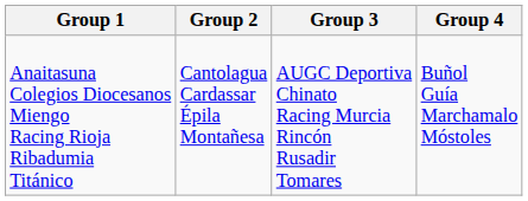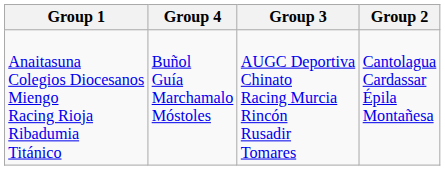 <table class="wikitable">
 <tr>
 <th>Group 1</th>
+<th>Group 4</th>
+<th>Group 3</th>
 <th>Group 2</th>
-<th>Group 3</th>
-<th>Group 4</th>
 </tr>
 <tr valign=top>
 <td><br><a href='#'>Anaitasuna</a><br> <a href='#'>Colegios Diocesanos</a><br> <a href='#'>Miengo</a><br> <a href='#'>Racing Rioja</a><br> <a href='#'>Ribadumia</a><br> <a href='#'>Titánico</a></td>
+<td><br><a href='#'>Buñol</a><br> <a href='#'>Guía</a><br> <a href='#'>Marchamalo</a><br> <a href='#'>Móstoles</a></td>
+<td><br><a href='#'>AUGC Deportiva</a><br> <a href='#'>Chinato</a><br> <a href='#'>Racing Murcia</a><br> <a href='#'>Rincón</a><br> <a href='#'>Rusadir</a><br> <a href='#'>Tomares</a></td>
 <td><br><a href='#'>Cantolagua</a><br> <a href='#'>Cardassar</a><br> <a href='#'>Épila</a><br> <a href='#'>Montañesa</a></td>
-<td><br><a href='#'>AUGC Deportiva</a><br> <a href='#'>Chinato</a><br> <a href='#'>Racing Murcia</a><br> <a href='#'>Rincón</a><br> <a href='#'>Rusadir</a><br> <a href='#'>Tomares</a></td>
-<td><br><a href='#'>Buñol</a><br> <a href='#'>Guía</a><br> <a href='#'>Marchamalo</a><br> <a href='#'>Móstoles</a></td>
 </tr>
 </table>
